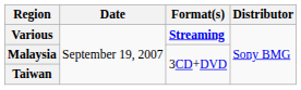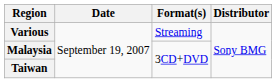 <table class="wikitable plainrowheaders">
 <tr>
 <th>Region</th>
 <th>Date</th>
 <th>Format(s)</th>
 <th>Distributor</th>
 </tr>
 <tr>
 <th scope="row">Various</th>
 <td rowspan="3">September 19, 2007</td>
-<td><strong><a href='#'>Streaming</a></strong></td>
+<td><a href='#'>Streaming</a></td>
 <td rowspan="3"><a href='#'>Sony BMG</a></td>
 </tr>
 <tr>
 <th scope="row">Malaysia</th>
 <td rowspan="2">3<a href='#'>CD</a>+<a href='#'>DVD</a></td>
 </tr>
 <tr>
 <th scope="row">Taiwan</th>
 </tr>
 </table>
